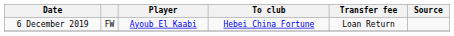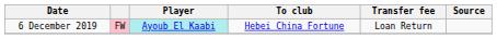 <table class="wikitable sortable" style="width:70%; text-align:center; font-size:85%; text-align:centre;">
 <tr>
 <th>Date</th>
 <th></th>
 <th>Player</th>
 <th>To club</th>
 <th>Transfer fee</th>
 <th>Source</th>
 </tr>
 <tr>
 <td>6 December 2019</td>
-<td>FW</td>
-<td> <a href='#'>Ayoub El Kaabi</a></td>
+<td style="background: pink;">FW</td>
+<td style="background: paleturquoise;"> <a href='#'>Ayoub El Kaabi</a></td>
 <td> <a href='#'>Hebei China Fortune</a></td>
 <td>Loan Return</td>
 <td></td>
 </tr>
 <tr>
 </tr>
 </table>
